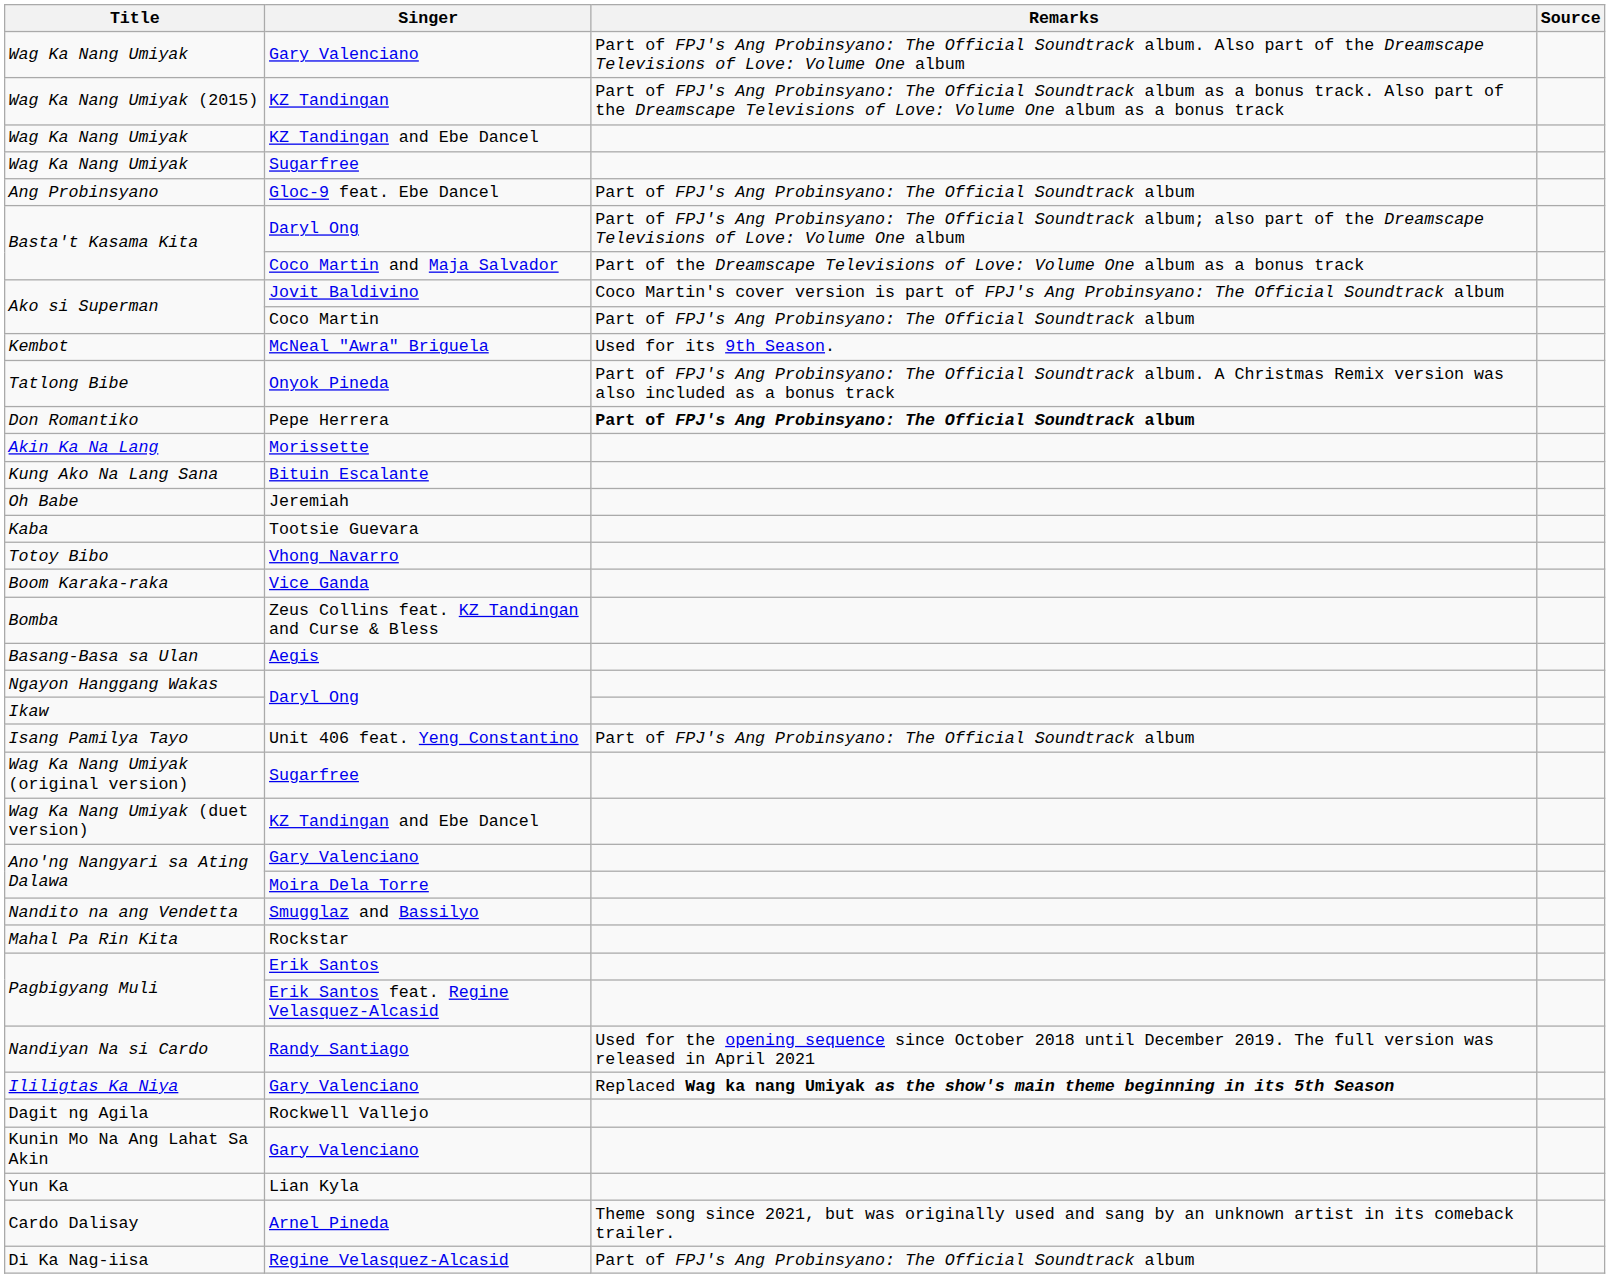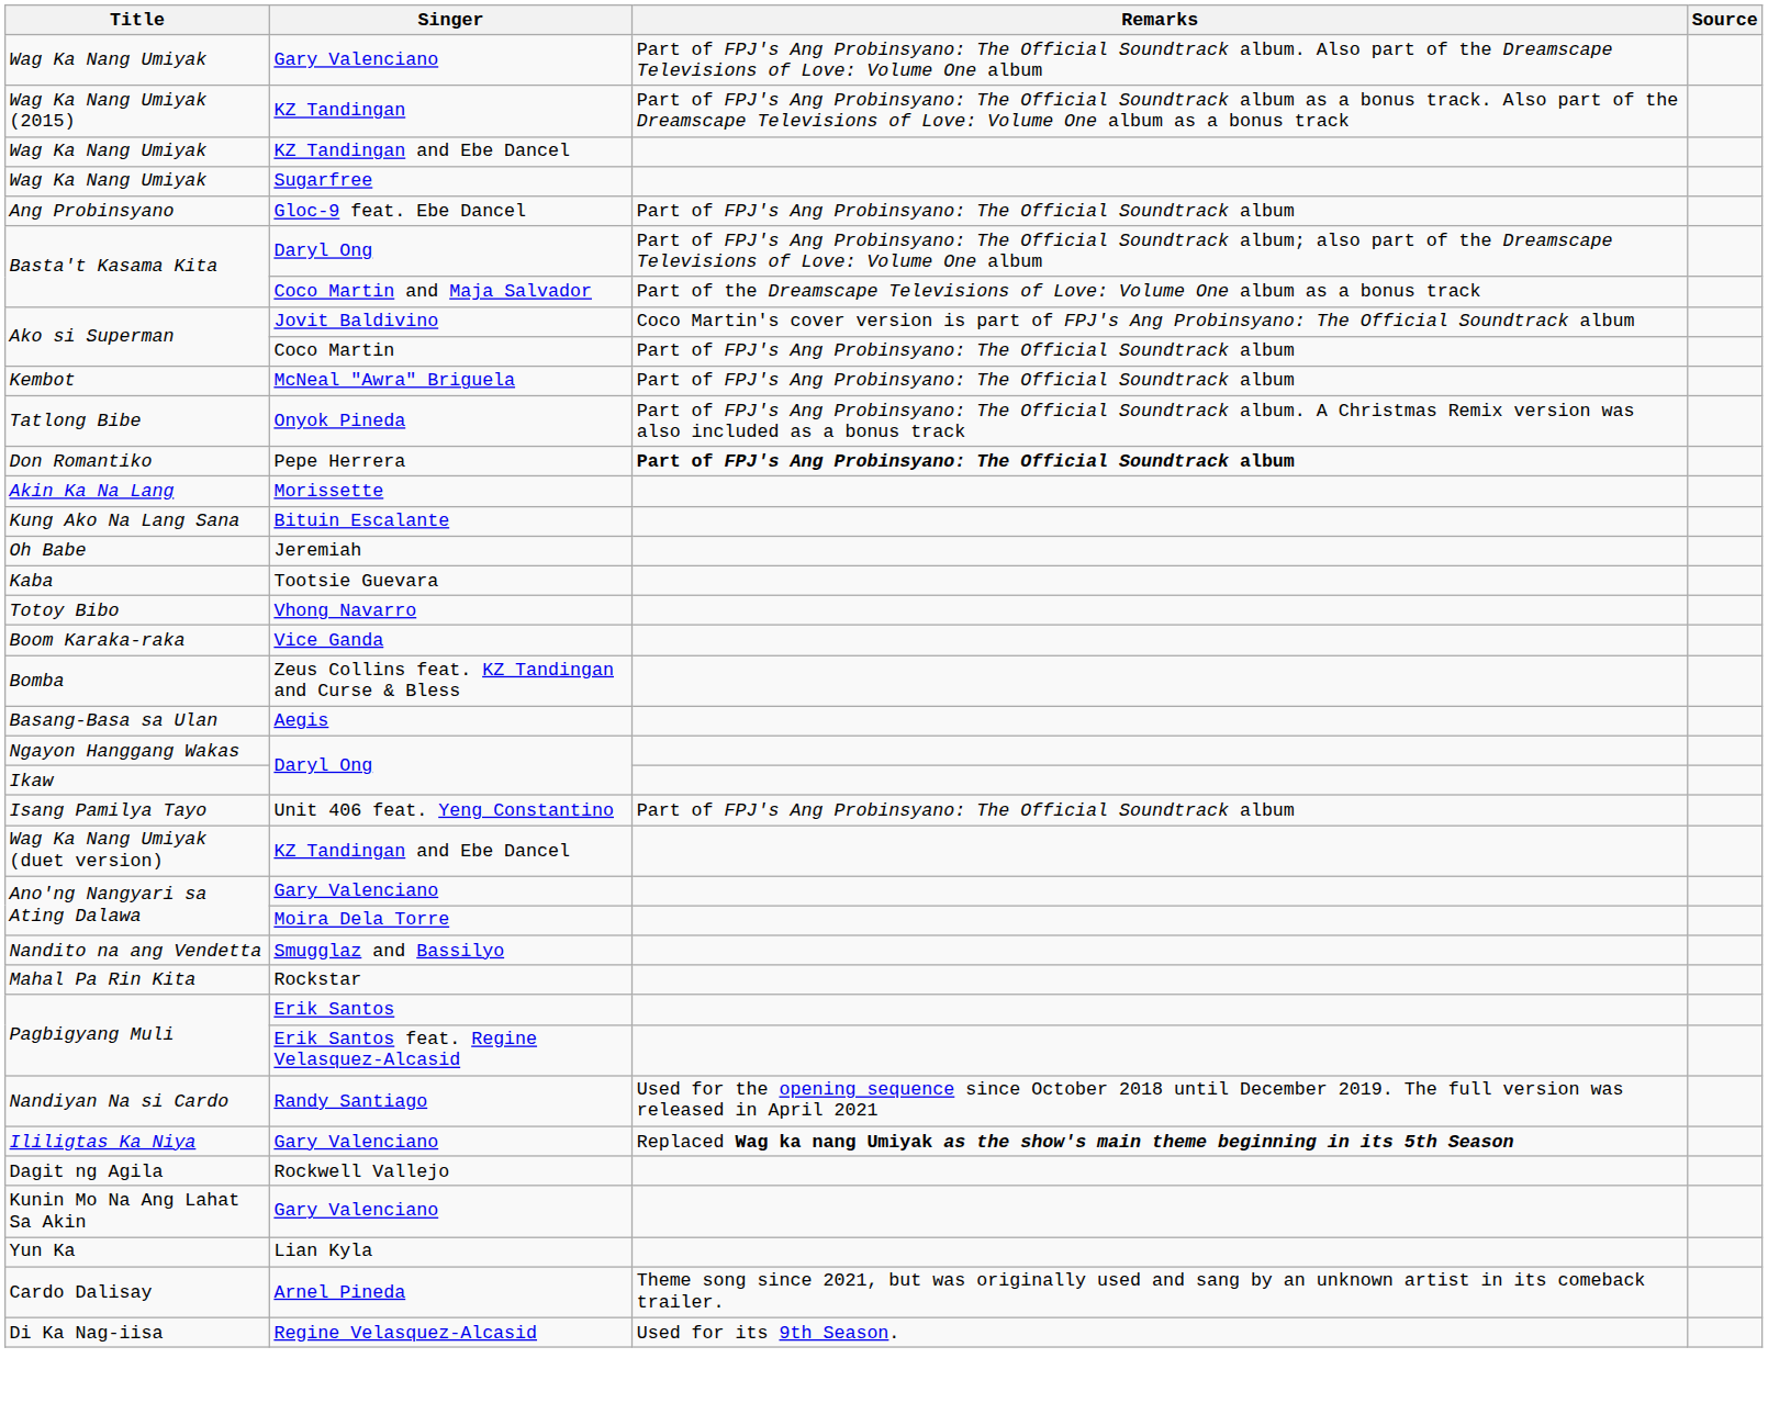 <table class="wikitable">
 <tr>
 <th>Title</th>
 <th>Singer</th>
 <th>Remarks</th>
 <th>Source</th>
 </tr>
 <tr>
 <td><em>Wag Ka Nang Umiyak</em></td>
 <td><a href='#'>Gary Valenciano</a></td>
 <td>Part of <em>FPJ's Ang Probinsyano: The Official Soundtrack</em> album. Also part of the <em>Dreamscape Televisions of Love: Volume One</em> album</td>
 <td></td>
 </tr>
 <tr>
 <td><em>Wag Ka Nang Umiyak</em> (2015)</td>
 <td><a href='#'>KZ Tandingan</a></td>
 <td>Part of <em>FPJ's Ang Probinsyano: The Official Soundtrack</em> album as a bonus track. Also part of the <em>Dreamscape Televisions of Love: Volume One</em> album as a bonus track</td>
 <td></td>
 </tr>
 <tr>
 <td><em>Wag Ka Nang Umiyak</em></td>
 <td><a href='#'>KZ Tandingan</a> and Ebe Dancel</td>
 <td></td>
 <td></td>
 </tr>
 <tr>
 <td><em>Wag Ka Nang Umiyak</em></td>
 <td><a href='#'>Sugarfree</a></td>
 <td></td>
 <td></td>
 </tr>
 <tr>
 <td><em>Ang Probinsyano</em></td>
 <td><a href='#'>Gloc-9</a> feat. Ebe Dancel</td>
 <td>Part of <em>FPJ's Ang Probinsyano: The Official Soundtrack</em> album</td>
 <td></td>
 </tr>
 <tr>
 <td rowspan="2"><em>Basta't Kasama Kita</em></td>
 <td><a href='#'>Daryl Ong</a></td>
 <td>Part of <em>FPJ's Ang Probinsyano: The Official Soundtrack</em> album; also part of the <em>Dreamscape Televisions of Love: Volume One</em> album</td>
 <td></td>
 </tr>
 <tr>
 <td><a href='#'>Coco Martin</a> and <a href='#'>Maja Salvador</a></td>
 <td>Part of the <em>Dreamscape Televisions of Love: Volume One</em> album as a bonus track</td>
 <td></td>
 </tr>
 <tr>
 <td rowspan="2"><em>Ako si Superman</em></td>
 <td><a href='#'>Jovit Baldivino</a></td>
 <td>Coco Martin's cover version is part of <em>FPJ's Ang Probinsyano: The Official Soundtrack</em> album</td>
 <td></td>
 </tr>
 <tr>
 <td>Coco Martin</td>
 <td>Part of <em>FPJ's Ang Probinsyano: The Official Soundtrack</em> album</td>
 <td></td>
 </tr>
 <tr>
 <td><em>Kembot</em></td>
 <td><a href='#'>McNeal "Awra" Briguela</a></td>
-<td>Used for its <a href='#'>9th Season</a>.</td>
+<td>Part of <em>FPJ's Ang Probinsyano: The Official Soundtrack</em> album</td>
 <td></td>
 </tr>
 <tr>
 <td><em>Tatlong Bibe</em></td>
 <td><a href='#'>Onyok Pineda</a></td>
 <td>Part of <em>FPJ's Ang Probinsyano: The Official Soundtrack</em> album. A Christmas Remix version was also included as a bonus track</td>
 <td></td>
 </tr>
 <tr>
 <td><em>Don Romantiko</em></td>
 <td>Pepe Herrera</td>
 <td><strong>Part of <em>FPJ's Ang Probinsyano: The Official Soundtrack</em> album</strong></td>
 <td></td>
 </tr>
 <tr>
 <td><em><a href='#'>Akin Ka Na Lang</a></em></td>
 <td><a href='#'>Morissette</a></td>
 <td></td>
 <td></td>
 </tr>
 <tr>
 <td><em>Kung Ako Na Lang Sana</em></td>
 <td><a href='#'>Bituin Escalante</a></td>
 <td></td>
 <td></td>
 </tr>
 <tr>
 <td><em>Oh Babe</em></td>
 <td>Jeremiah</td>
 <td></td>
 <td></td>
 </tr>
 <tr>
 <td><em>Kaba</em></td>
 <td>Tootsie Guevara</td>
 <td></td>
 <td></td>
 </tr>
 <tr>
 <td><em>Totoy Bibo</em></td>
 <td><a href='#'>Vhong Navarro</a></td>
 <td></td>
 <td></td>
 </tr>
 <tr>
 <td><em>Boom Karaka-raka</em></td>
 <td><a href='#'>Vice Ganda</a></td>
 <td></td>
 <td></td>
 </tr>
 <tr>
 <td><em>Bomba</em></td>
 <td>Zeus Collins feat. <a href='#'>KZ Tandingan</a> and Curse & Bless</td>
 <td></td>
 <td></td>
 </tr>
 <tr>
 <td><em>Basang-Basa sa Ulan</em></td>
 <td><a href='#'>Aegis</a></td>
 <td></td>
 <td></td>
 </tr>
 <tr>
 <td><em>Ngayon Hanggang Wakas</em></td>
 <td rowspan="2"><a href='#'>Daryl Ong</a></td>
 <td></td>
 <td></td>
 </tr>
 <tr>
 <td><em>Ikaw</em></td>
 <td></td>
 <td></td>
 </tr>
 <tr>
 <td><em>Isang Pamilya Tayo</em></td>
 <td>Unit 406 feat. <a href='#'>Yeng Constantino</a></td>
 <td>Part of <em>FPJ's Ang Probinsyano: The Official Soundtrack</em> album</td>
-<td></td>
-</tr>
-<tr>
-<td><em>Wag Ka Nang Umiyak</em> (original version)</td>
-<td><a href='#'>Sugarfree</a></td>
-<td></td>
 <td></td>
 </tr>
 <tr>
 <td><em>Wag Ka Nang Umiyak</em> (duet version)</td>
 <td><a href='#'>KZ Tandingan</a> and Ebe Dancel</td>
 <td></td>
 <td></td>
 </tr>
 <tr>
 <td rowspan="2"><em>Ano'ng Nangyari sa Ating Dalawa</em></td>
 <td><a href='#'>Gary Valenciano</a></td>
 <td></td>
 <td></td>
 </tr>
 <tr>
 <td><a href='#'>Moira Dela Torre</a></td>
 <td></td>
 <td></td>
 </tr>
 <tr>
 <td><em>Nandito na ang Vendetta</em></td>
 <td><a href='#'>Smugglaz</a> and <a href='#'>Bassilyo</a></td>
 <td></td>
 <td></td>
 </tr>
 <tr>
 <td><em>Mahal Pa Rin Kita</em></td>
 <td>Rockstar</td>
 <td></td>
 <td></td>
 </tr>
 <tr>
 <td rowspan="2"><em>Pagbigyang Muli</em></td>
 <td><a href='#'>Erik Santos</a></td>
 <td></td>
 <td></td>
 </tr>
 <tr>
 <td><a href='#'>Erik Santos</a> feat. <a href='#'>Regine Velasquez-Alcasid</a></td>
 <td></td>
 <td></td>
 </tr>
 <tr>
 <td><em>Nandiyan Na si Cardo</em></td>
 <td><a href='#'>Randy Santiago</a></td>
 <td>Used for the <a href='#'>opening sequence</a> since October 2018 until December 2019. The full version was released in April 2021</td>
 <td></td>
 </tr>
 <tr>
 <td><em><a href='#'>Ililigtas Ka Niya</a></em></td>
 <td><a href='#'>Gary Valenciano</a></td>
 <td>Replaced <strong>Wag ka nang Umiyak<em> as the show's main theme beginning in its 5th Season</td>
 <td></td>
 </tr>
 <tr>
 <td></em>Dagit ng Agila<em></td>
 <td>Rockwell Vallejo</td>
 <td></td>
 <td></td>
 </tr>
 <tr>
 <td></em>Kunin Mo Na Ang Lahat Sa Akin<em></td>
 <td><a href='#'>Gary Valenciano</a></td>
 <td></td>
 <td></td>
 </tr>
 <tr>
 <td></em>Yun Ka<em></td>
 <td>Lian Kyla</td>
 <td></td>
 <td></td>
 </tr>
 <tr>
 <td></em>Cardo Dalisay<em></td>
 <td><a href='#'>Arnel Pineda</a></td>
 <td>Theme song since 2021, but was originally used and sang by an unknown artist in its comeback trailer.</td>
 <td></td>
 </tr>
 <tr>
 <td></strong>Di Ka Nag-iisa</em></td>
 <td><a href='#'>Regine Velasquez-Alcasid</a></td>
-<td>Part of <em>FPJ's Ang Probinsyano: The Official Soundtrack</em> album</td>
+<td>Used for its <a href='#'>9th Season</a>.</td>
 <td></td>
 </tr>
 </table>
